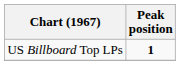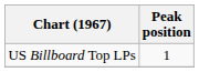 <table class="wikitable">
 <tr>
 <th>Chart (1967)</th>
 <th>Peak<br>position</th>
 </tr>
 <tr>
 <td>US <em>Billboard</em> Top LPs</td>
-<td align="center"><strong>1</strong></td>
+<td align="center">1</td>
 </tr>
 <tr>
 </tr>
 </table>
